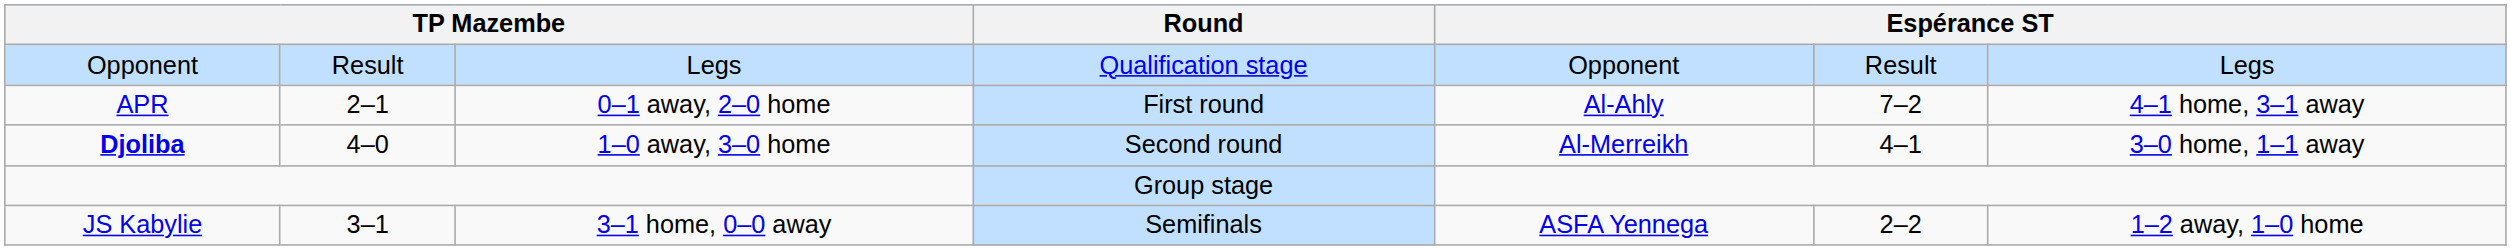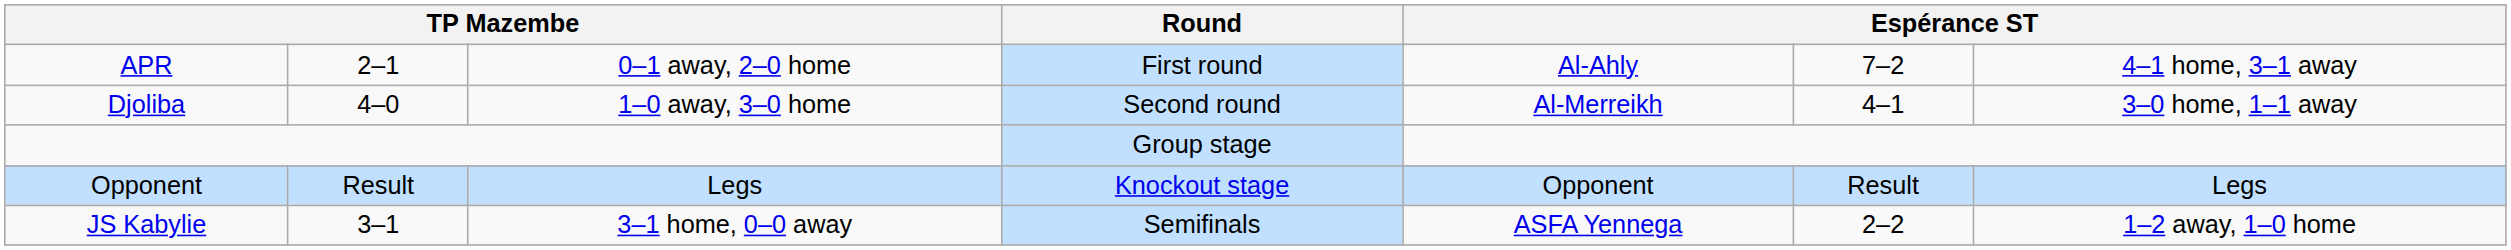 <table class="wikitable" width="100%" style="text-align:center">
 <tr valign=top bgcolor=#c1e0ff>
 <th colspan=3 style="width:1*">TP Mazembe</th>
 <th>Round</th>
 <th colspan=3 style="width:1*">Espérance ST</th>
-</tr>
-<tr valign=top bgcolor=#c1e0ff>
-<td>Opponent</td>
-<td>Result</td>
-<td>Legs</td>
-<td bgcolor=#c1e0ff><a href='#'>Qualification stage</a></td>
-<td>Opponent</td>
-<td>Result</td>
-<td>Legs</td>
 </tr>
 <tr>
 <td> <a href='#'>APR</a></td>
 <td>2–1</td>
 <td><a href='#'>0–1</a> away, <a href='#'>2–0</a> home</td>
 <td bgcolor=#c1e0ff>First round</td>
 <td> <a href='#'>Al-Ahly</a></td>
 <td>7–2</td>
 <td><a href='#'>4–1</a> home, <a href='#'>3–1</a> away</td>
 </tr>
 <tr>
-<td><strong> <a href='#'>Djoliba</a></strong></td>
+<td> <a href='#'>Djoliba</a></td>
 <td>4–0</td>
 <td><a href='#'>1–0</a> away, <a href='#'>3–0</a> home</td>
 <td bgcolor=#c1e0ff>Second round</td>
 <td> <a href='#'>Al-Merreikh</a></td>
 <td>4–1</td>
 <td><a href='#'>3–0</a> home, <a href='#'>1–1</a> away</td>
 </tr>
 <tr>
 <td colspan="3" align=center><br> </td>
 <td bgcolor=#c1e0ff>Group stage</td>
 <td colspan=3 align=center><br> </td>
 </tr>
+<tr valign=top bgcolor=#c1e0ff>
+<td>Opponent</td>
+<td>Result</td>
+<td>Legs</td>
+<td bgcolor=#c1e0ff><a href='#'>Knockout stage</a></td>
+<td>Opponent</td>
+<td>Result</td>
+<td>Legs</td>
+</tr>
 <tr>
 <td> <a href='#'>JS Kabylie</a></td>
 <td>3–1</td>
 <td><a href='#'>3–1</a> home, <a href='#'>0–0</a> away</td>
 <td bgcolor=#c1e0ff>Semifinals</td>
 <td> <a href='#'>ASFA Yennega</a></td>
 <td>2–2</td>
 <td><a href='#'>1–2</a> away, <a href='#'>1–0</a> home</td>
 </tr>
 </table>
